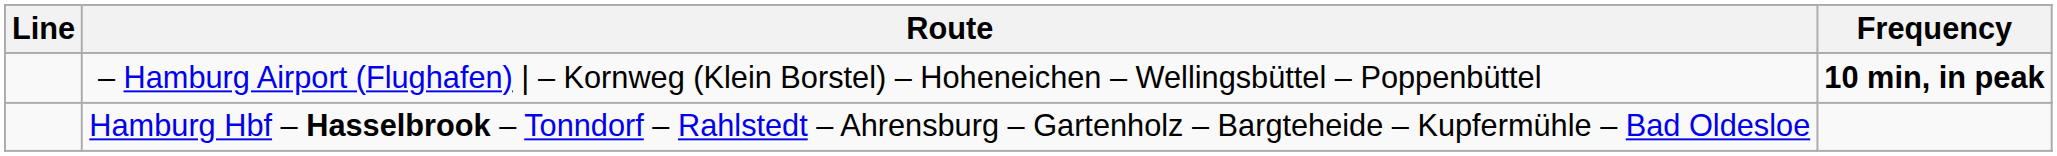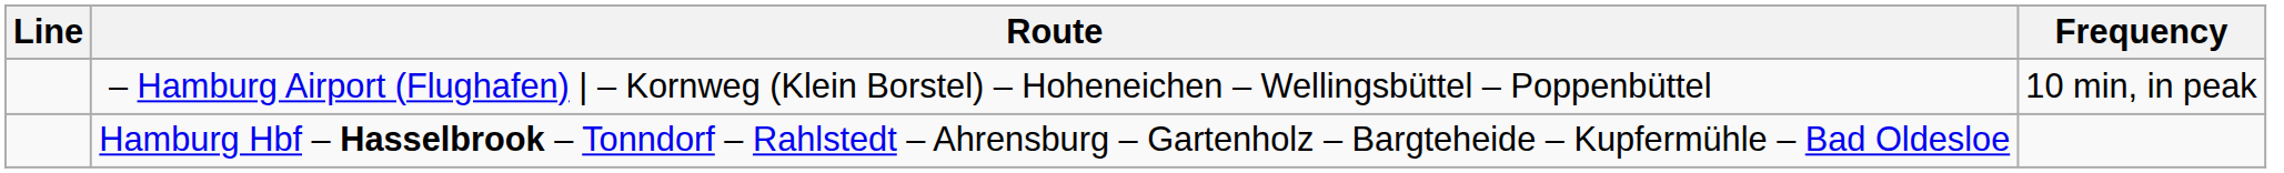 <table class="wikitable">
 <tr>
 <th>Line</th>
 <th>Route</th>
 <th>Frequency</th>
 </tr>
 <tr>
 <td></td>
 <td Wedel> – <a href='#'>Hamburg Airport (Flughafen)</a> | – Kornweg (Klein Borstel) – Hoheneichen – Wellingsbüttel – Poppenbüttel</td>
-<td><strong>10 min, in peak</strong></td>
+<td>10 min, in peak</td>
 </tr>
 <tr>
 <td></td>
 <td><a href='#'>Hamburg Hbf</a> – <strong>Hasselbrook</strong> – <a href='#'>Tonndorf</a> – <a href='#'>Rahlstedt</a> – Ahrensburg – Gartenholz – Bargteheide – Kupfermühle – <a href='#'>Bad Oldesloe</a></td>
 </tr>
 </table>
